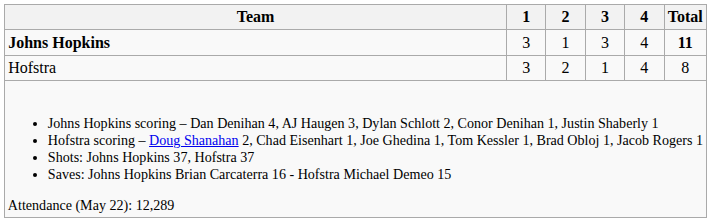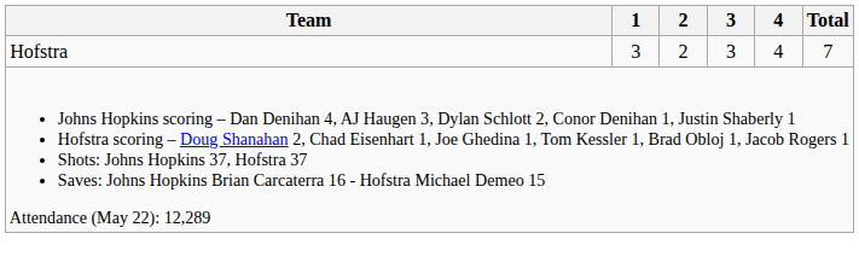 <table class="wikitable" style="text-align:center; max-width:45em">
 <tr>
 <th>Team</th>
 <th style="width:2em">1</th>
 <th style="width:2em">2</th>
 <th style="width:2em">3</th>
 <th style="width:2em">4</th>
 <th style="width:2em">Total</th>
 </tr>
 <tr>
-<td style="text-align:left"><strong>Johns Hopkins</strong></td>
-<td>3</td>
-<td>1</td>
-<td>3</td>
-<td>4</td>
-<td><strong>11</strong></td>
-</tr>
-<tr>
 <td style="text-align:left">Hofstra</td>
 <td>3</td>
 <td>2</td>
-<td>1</td>
+<td>3</td>
 <td>4</td>
-<td>8</td>
+<td>7</td>
 </tr>
 <tr>
 <td colspan=6 style="text-align:left; font-size:88%;"><br><ul><li>Johns Hopkins scoring – Dan Denihan 4, AJ Haugen 3, Dylan Schlott 2, Conor Denihan 1, Justin Shaberly 1</li><li>Hofstra scoring – <a href='#'>Doug Shanahan</a> 2, Chad Eisenhart 1, Joe Ghedina 1, Tom Kessler 1, Brad Obloj 1, Jacob Rogers 1</li><li>Shots: Johns Hopkins 37, Hofstra 37</li><li>Saves: Johns Hopkins Brian Carcaterra 16 - Hofstra Michael Demeo 15</li></ul>Attendance (May 22): 12,289 </td>
 </tr>
 </table>
